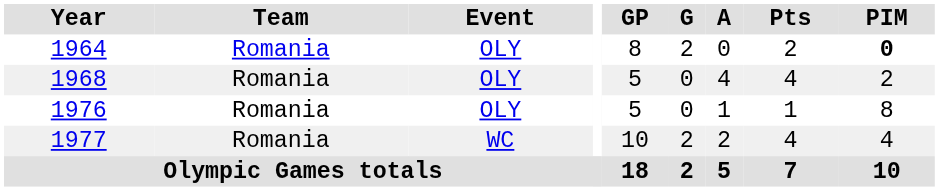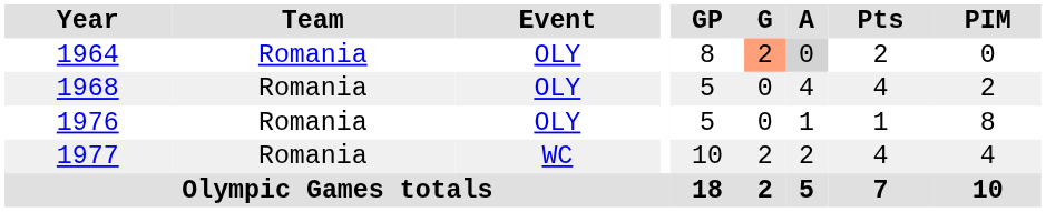 <table border="0" cellpadding="1" cellspacing="0" ID="Table3" style="text-align:center; width:40em">
 <tr bgcolor="#e0e0e0">
 <th>Year</th>
 <th>Team</th>
 <th>Event</th>
 <th rowspan="102" bgcolor="#ffffff"></th>
 <th>GP</th>
 <th>G</th>
 <th>A</th>
 <th>Pts</th>
 <th>PIM</th>
 </tr>
 <tr>
 <td><a href='#'>1964</a></td>
 <td><a href='#'>Romania</a></td>
 <td><a href='#'>OLY</a></td>
 <td>8</td>
+<td style="background: lightsalmon;">2</td>
+<td style="background: lightgrey;">0</td>
 <td>2</td>
 <td>0</td>
-<td>2</td>
-<td><strong>0</strong></td>
 </tr>
 <tr bgcolor="#f0f0f0">
 <td><a href='#'>1968</a></td>
 <td>Romania</td>
 <td><a href='#'>OLY</a></td>
 <td>5</td>
 <td>0</td>
 <td>4</td>
 <td>4</td>
 <td>2</td>
 </tr>
 <tr>
 <td><a href='#'>1976</a></td>
 <td>Romania</td>
 <td><a href='#'>OLY</a></td>
 <td>5</td>
 <td>0</td>
 <td>1</td>
 <td>1</td>
 <td>8</td>
 </tr>
 <tr bgcolor="#f0f0f0">
 <td><a href='#'>1977</a></td>
 <td>Romania</td>
 <td><a href='#'>WC</a></td>
 <td>10</td>
 <td>2</td>
 <td>2</td>
 <td>4</td>
 <td>4</td>
 </tr>
 <tr bgcolor="#e0e0e0">
 <th colspan="4">Olympic Games totals</th>
 <th>18</th>
 <th>2</th>
 <th>5</th>
 <th>7</th>
 <th>10</th>
 </tr>
 </table>
